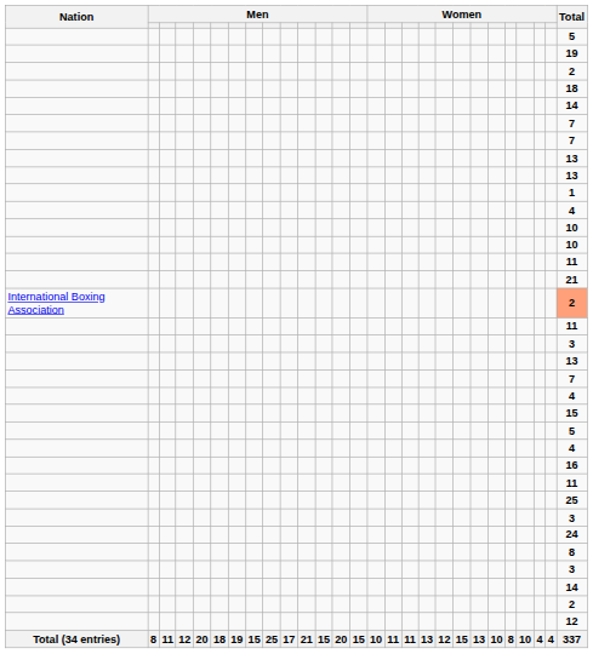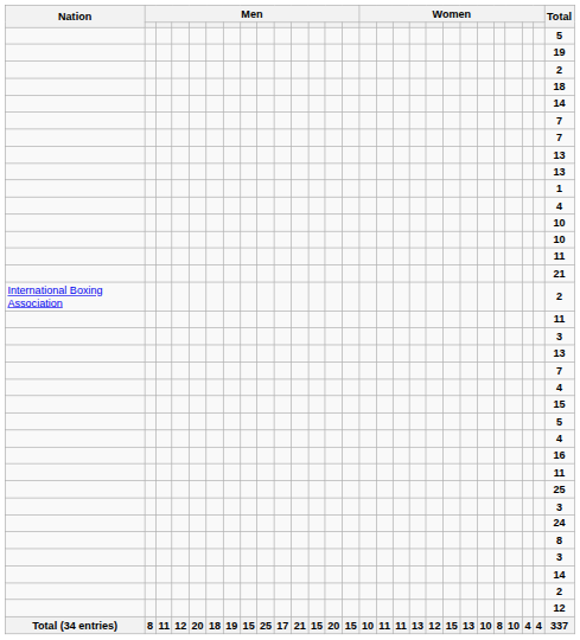 <table class="wikitable" style="text-align:center; font-size:90%">
 <tr>
 <th rowspan=2 width=180>Nation</th>
 <th colspan=13>Men</th>
 <th colspan=12>Women</th>
 <th rowspan=2>Total</th>
 </tr>
 <tr>
 <th></th>
 <th></th>
 <th></th>
 <th></th>
 <th></th>
 <th></th>
 <th></th>
 <th></th>
 <th></th>
 <th></th>
 <th></th>
 <th></th>
 <th></th>
 <th></th>
 <th></th>
 <th></th>
 <th></th>
 <th></th>
 <th></th>
 <th></th>
 <th></th>
 <th></th>
 <th></th>
 <th></th>
 <th></th>
 </tr>
 <tr>
 <td align=left></td>
 <td></td>
 <td></td>
 <td></td>
 <td></td>
 <td></td>
 <td></td>
 <td></td>
 <td></td>
 <td></td>
 <td></td>
 <td></td>
 <td></td>
 <td></td>
 <td></td>
 <td></td>
 <td></td>
 <td></td>
 <td></td>
 <td></td>
 <td></td>
 <td></td>
 <td></td>
 <td></td>
 <td></td>
 <td></td>
 <td><strong>5</strong></td>
 </tr>
 <tr>
 <td align=left></td>
 <td></td>
 <td></td>
 <td></td>
 <td></td>
 <td></td>
 <td></td>
 <td></td>
 <td></td>
 <td></td>
 <td></td>
 <td></td>
 <td></td>
 <td></td>
 <td></td>
 <td></td>
 <td></td>
 <td></td>
 <td></td>
 <td></td>
 <td></td>
 <td></td>
 <td></td>
 <td></td>
 <td></td>
 <td></td>
 <td><strong>19</strong></td>
 </tr>
 <tr>
 <td align=left></td>
 <td></td>
 <td></td>
 <td></td>
 <td></td>
 <td></td>
 <td></td>
 <td></td>
 <td></td>
 <td></td>
 <td></td>
 <td></td>
 <td></td>
 <td></td>
 <td></td>
 <td></td>
 <td></td>
 <td></td>
 <td></td>
 <td></td>
 <td></td>
 <td></td>
 <td></td>
 <td></td>
 <td></td>
 <td></td>
 <td><strong>2</strong></td>
 </tr>
 <tr>
 <td align=left></td>
 <td></td>
 <td></td>
 <td></td>
 <td></td>
 <td></td>
 <td></td>
 <td></td>
 <td></td>
 <td></td>
 <td></td>
 <td></td>
 <td></td>
 <td></td>
 <td></td>
 <td></td>
 <td></td>
 <td></td>
 <td></td>
 <td></td>
 <td></td>
 <td></td>
 <td></td>
 <td></td>
 <td></td>
 <td></td>
 <td><strong>18</strong></td>
 </tr>
 <tr>
 <td align=left></td>
 <td></td>
 <td></td>
 <td></td>
 <td></td>
 <td></td>
 <td></td>
 <td></td>
 <td></td>
 <td></td>
 <td></td>
 <td></td>
 <td></td>
 <td></td>
 <td></td>
 <td></td>
 <td></td>
 <td></td>
 <td></td>
 <td></td>
 <td></td>
 <td></td>
 <td></td>
 <td></td>
 <td></td>
 <td></td>
 <td><strong>14</strong></td>
 </tr>
 <tr>
 <td align=left></td>
 <td></td>
 <td></td>
 <td></td>
 <td></td>
 <td></td>
 <td></td>
 <td></td>
 <td></td>
 <td></td>
 <td></td>
 <td></td>
 <td></td>
 <td></td>
 <td></td>
 <td></td>
 <td></td>
 <td></td>
 <td></td>
 <td></td>
 <td></td>
 <td></td>
 <td></td>
 <td></td>
 <td></td>
 <td></td>
 <td><strong>7</strong></td>
 </tr>
 <tr>
 <td align=left></td>
 <td></td>
 <td></td>
 <td></td>
 <td></td>
 <td></td>
 <td></td>
 <td></td>
 <td></td>
 <td></td>
 <td></td>
 <td></td>
 <td></td>
 <td></td>
 <td></td>
 <td></td>
 <td></td>
 <td></td>
 <td></td>
 <td></td>
 <td></td>
 <td></td>
 <td></td>
 <td></td>
 <td></td>
 <td></td>
 <td><strong>7</strong></td>
 </tr>
 <tr>
 <td align=left></td>
 <td></td>
 <td></td>
 <td></td>
 <td></td>
 <td></td>
 <td></td>
 <td></td>
 <td></td>
 <td></td>
 <td></td>
 <td></td>
 <td></td>
 <td></td>
 <td></td>
 <td></td>
 <td></td>
 <td></td>
 <td></td>
 <td></td>
 <td></td>
 <td></td>
 <td></td>
 <td></td>
 <td></td>
 <td></td>
 <td><strong>13</strong></td>
 </tr>
 <tr>
 <td align=left></td>
 <td></td>
 <td></td>
 <td></td>
 <td></td>
 <td></td>
 <td></td>
 <td></td>
 <td></td>
 <td></td>
 <td></td>
 <td></td>
 <td></td>
 <td></td>
 <td></td>
 <td></td>
 <td></td>
 <td></td>
 <td></td>
 <td></td>
 <td></td>
 <td></td>
 <td></td>
 <td></td>
 <td></td>
 <td></td>
 <td><strong>13</strong></td>
 </tr>
 <tr>
 <td align=left></td>
 <td></td>
 <td></td>
 <td></td>
 <td></td>
 <td></td>
 <td></td>
 <td></td>
 <td></td>
 <td></td>
 <td></td>
 <td></td>
 <td></td>
 <td></td>
 <td></td>
 <td></td>
 <td></td>
 <td></td>
 <td></td>
 <td></td>
 <td></td>
 <td></td>
 <td></td>
 <td></td>
 <td></td>
 <td></td>
 <td><strong>1</strong></td>
 </tr>
 <tr>
 <td align=left></td>
 <td></td>
 <td></td>
 <td></td>
 <td></td>
 <td></td>
 <td></td>
 <td></td>
 <td></td>
 <td></td>
 <td></td>
 <td></td>
 <td></td>
 <td></td>
 <td></td>
 <td></td>
 <td></td>
 <td></td>
 <td></td>
 <td></td>
 <td></td>
 <td></td>
 <td></td>
 <td></td>
 <td></td>
 <td></td>
 <td><strong>4</strong></td>
 </tr>
 <tr>
 <td align=left></td>
 <td></td>
 <td></td>
 <td></td>
 <td></td>
 <td></td>
 <td></td>
 <td></td>
 <td></td>
 <td></td>
 <td></td>
 <td></td>
 <td></td>
 <td></td>
 <td></td>
 <td></td>
 <td></td>
 <td></td>
 <td></td>
 <td></td>
 <td></td>
 <td></td>
 <td></td>
 <td></td>
 <td></td>
 <td></td>
 <td><strong>10</strong></td>
 </tr>
 <tr>
 <td align=left></td>
 <td></td>
 <td></td>
 <td></td>
 <td></td>
 <td></td>
 <td></td>
 <td></td>
 <td></td>
 <td></td>
 <td></td>
 <td></td>
 <td></td>
 <td></td>
 <td></td>
 <td></td>
 <td></td>
 <td></td>
 <td></td>
 <td></td>
 <td></td>
 <td></td>
 <td></td>
 <td></td>
 <td></td>
 <td></td>
 <td><strong>10</strong></td>
 </tr>
 <tr>
 <td align=left></td>
 <td></td>
 <td></td>
 <td></td>
 <td></td>
 <td></td>
 <td></td>
 <td></td>
 <td></td>
 <td></td>
 <td></td>
 <td></td>
 <td></td>
 <td></td>
 <td></td>
 <td></td>
 <td></td>
 <td></td>
 <td></td>
 <td></td>
 <td></td>
 <td></td>
 <td></td>
 <td></td>
 <td></td>
 <td></td>
 <td><strong>11</strong></td>
 </tr>
 <tr>
 <td align=left></td>
 <td></td>
 <td></td>
 <td></td>
 <td></td>
 <td></td>
 <td></td>
 <td></td>
 <td></td>
 <td></td>
 <td></td>
 <td></td>
 <td></td>
 <td></td>
 <td></td>
 <td></td>
 <td></td>
 <td></td>
 <td></td>
 <td></td>
 <td></td>
 <td></td>
 <td></td>
 <td></td>
 <td></td>
 <td></td>
 <td><strong>21</strong></td>
 </tr>
 <tr>
 <td align=left><a href='#'>International Boxing Association</a></td>
 <td></td>
 <td></td>
 <td></td>
 <td></td>
 <td></td>
 <td></td>
 <td></td>
 <td></td>
 <td></td>
 <td></td>
 <td></td>
 <td></td>
 <td></td>
 <td></td>
 <td></td>
 <td></td>
 <td></td>
 <td></td>
 <td></td>
 <td></td>
 <td></td>
 <td></td>
 <td></td>
 <td></td>
 <td></td>
-<td style="background: lightsalmon;"><strong>2</strong></td>
+<td><strong>2</strong></td>
 </tr>
 <tr>
 <td align=left></td>
 <td></td>
 <td></td>
 <td></td>
 <td></td>
 <td></td>
 <td></td>
 <td></td>
 <td></td>
 <td></td>
 <td></td>
 <td></td>
 <td></td>
 <td></td>
 <td></td>
 <td></td>
 <td></td>
 <td></td>
 <td></td>
 <td></td>
 <td></td>
 <td></td>
 <td></td>
 <td></td>
 <td></td>
 <td></td>
 <td><strong>11</strong></td>
 </tr>
 <tr>
 <td align=left></td>
 <td></td>
 <td></td>
 <td></td>
 <td></td>
 <td></td>
 <td></td>
 <td></td>
 <td></td>
 <td></td>
 <td></td>
 <td></td>
 <td></td>
 <td></td>
 <td></td>
 <td></td>
 <td></td>
 <td></td>
 <td></td>
 <td></td>
 <td></td>
 <td></td>
 <td></td>
 <td></td>
 <td></td>
 <td></td>
 <td><strong>3</strong></td>
 </tr>
 <tr>
 <td align=left></td>
 <td></td>
 <td></td>
 <td></td>
 <td></td>
 <td></td>
 <td></td>
 <td></td>
 <td></td>
 <td></td>
 <td></td>
 <td></td>
 <td></td>
 <td></td>
 <td></td>
 <td></td>
 <td></td>
 <td></td>
 <td></td>
 <td></td>
 <td></td>
 <td></td>
 <td></td>
 <td></td>
 <td></td>
 <td></td>
 <td><strong>13</strong></td>
 </tr>
 <tr>
 <td align=left></td>
 <td></td>
 <td></td>
 <td></td>
 <td></td>
 <td></td>
 <td></td>
 <td></td>
 <td></td>
 <td></td>
 <td></td>
 <td></td>
 <td></td>
 <td></td>
 <td></td>
 <td></td>
 <td></td>
 <td></td>
 <td></td>
 <td></td>
 <td></td>
 <td></td>
 <td></td>
 <td></td>
 <td></td>
 <td></td>
 <td><strong>7</strong></td>
 </tr>
 <tr>
 <td align=left></td>
 <td></td>
 <td></td>
 <td></td>
 <td></td>
 <td></td>
 <td></td>
 <td></td>
 <td></td>
 <td></td>
 <td></td>
 <td></td>
 <td></td>
 <td></td>
 <td></td>
 <td></td>
 <td></td>
 <td></td>
 <td></td>
 <td></td>
 <td></td>
 <td></td>
 <td></td>
 <td></td>
 <td></td>
 <td></td>
 <td><strong>4</strong></td>
 </tr>
 <tr>
 <td align=left></td>
 <td></td>
 <td></td>
 <td></td>
 <td></td>
 <td></td>
 <td></td>
 <td></td>
 <td></td>
 <td></td>
 <td></td>
 <td></td>
 <td></td>
 <td></td>
 <td></td>
 <td></td>
 <td></td>
 <td></td>
 <td></td>
 <td></td>
 <td></td>
 <td></td>
 <td></td>
 <td></td>
 <td></td>
 <td></td>
 <td><strong>15</strong></td>
 </tr>
 <tr>
 <td align=left></td>
 <td></td>
 <td></td>
 <td></td>
 <td></td>
 <td></td>
 <td></td>
 <td></td>
 <td></td>
 <td></td>
 <td></td>
 <td></td>
 <td></td>
 <td></td>
 <td></td>
 <td></td>
 <td></td>
 <td></td>
 <td></td>
 <td></td>
 <td></td>
 <td></td>
 <td></td>
 <td></td>
 <td></td>
 <td></td>
 <td><strong>5</strong></td>
 </tr>
 <tr>
 <td align=left></td>
 <td></td>
 <td></td>
 <td></td>
 <td></td>
 <td></td>
 <td></td>
 <td></td>
 <td></td>
 <td></td>
 <td></td>
 <td></td>
 <td></td>
 <td></td>
 <td></td>
 <td></td>
 <td></td>
 <td></td>
 <td></td>
 <td></td>
 <td></td>
 <td></td>
 <td></td>
 <td></td>
 <td></td>
 <td></td>
 <td><strong>4</strong></td>
 </tr>
 <tr>
 <td align=left></td>
 <td></td>
 <td></td>
 <td></td>
 <td></td>
 <td></td>
 <td></td>
 <td></td>
 <td></td>
 <td></td>
 <td></td>
 <td></td>
 <td></td>
 <td></td>
 <td></td>
 <td></td>
 <td></td>
 <td></td>
 <td></td>
 <td></td>
 <td></td>
 <td></td>
 <td></td>
 <td></td>
 <td></td>
 <td></td>
 <td><strong>16</strong></td>
 </tr>
 <tr>
 <td align=left></td>
 <td></td>
 <td></td>
 <td></td>
 <td></td>
 <td></td>
 <td></td>
 <td></td>
 <td></td>
 <td></td>
 <td></td>
 <td></td>
 <td></td>
 <td></td>
 <td></td>
 <td></td>
 <td></td>
 <td></td>
 <td></td>
 <td></td>
 <td></td>
 <td></td>
 <td></td>
 <td></td>
 <td></td>
 <td></td>
 <td><strong>11</strong></td>
 </tr>
 <tr>
 <td align=left></td>
 <td></td>
 <td></td>
 <td></td>
 <td></td>
 <td></td>
 <td></td>
 <td></td>
 <td></td>
 <td></td>
 <td></td>
 <td></td>
 <td></td>
 <td></td>
 <td></td>
 <td></td>
 <td></td>
 <td></td>
 <td></td>
 <td></td>
 <td></td>
 <td></td>
 <td></td>
 <td></td>
 <td></td>
 <td></td>
 <td><strong>25</strong></td>
 </tr>
 <tr>
 <td align=left></td>
 <td></td>
 <td></td>
 <td></td>
 <td></td>
 <td></td>
 <td></td>
 <td></td>
 <td></td>
 <td></td>
 <td></td>
 <td></td>
 <td></td>
 <td></td>
 <td></td>
 <td></td>
 <td></td>
 <td></td>
 <td></td>
 <td></td>
 <td></td>
 <td></td>
 <td></td>
 <td></td>
 <td></td>
 <td></td>
 <td><strong>3</strong></td>
 </tr>
 <tr>
 <td align=left></td>
 <td></td>
 <td></td>
 <td></td>
 <td></td>
 <td></td>
 <td></td>
 <td></td>
 <td></td>
 <td></td>
 <td></td>
 <td></td>
 <td></td>
 <td></td>
 <td></td>
 <td></td>
 <td></td>
 <td></td>
 <td></td>
 <td></td>
 <td></td>
 <td></td>
 <td></td>
 <td></td>
 <td></td>
 <td></td>
 <td><strong>24</strong></td>
 </tr>
 <tr>
 <td align=left></td>
 <td></td>
 <td></td>
 <td></td>
 <td></td>
 <td></td>
 <td></td>
 <td></td>
 <td></td>
 <td></td>
 <td></td>
 <td></td>
 <td></td>
 <td></td>
 <td></td>
 <td></td>
 <td></td>
 <td></td>
 <td></td>
 <td></td>
 <td></td>
 <td></td>
 <td></td>
 <td></td>
 <td></td>
 <td></td>
 <td><strong>8</strong></td>
 </tr>
 <tr>
 <td align=left></td>
 <td></td>
 <td></td>
 <td></td>
 <td></td>
 <td></td>
 <td></td>
 <td></td>
 <td></td>
 <td></td>
 <td></td>
 <td></td>
 <td></td>
 <td></td>
 <td></td>
 <td></td>
 <td></td>
 <td></td>
 <td></td>
 <td></td>
 <td></td>
 <td></td>
 <td></td>
 <td></td>
 <td></td>
 <td></td>
 <td><strong>3</strong></td>
 </tr>
 <tr>
 <td align=left></td>
 <td></td>
 <td></td>
 <td></td>
 <td></td>
 <td></td>
 <td></td>
 <td></td>
 <td></td>
 <td></td>
 <td></td>
 <td></td>
 <td></td>
 <td></td>
 <td></td>
 <td></td>
 <td></td>
 <td></td>
 <td></td>
 <td></td>
 <td></td>
 <td></td>
 <td></td>
 <td></td>
 <td></td>
 <td></td>
 <td><strong>14</strong></td>
 </tr>
 <tr>
 <td align=left></td>
 <td></td>
 <td></td>
 <td></td>
 <td></td>
 <td></td>
 <td></td>
 <td></td>
 <td></td>
 <td></td>
 <td></td>
 <td></td>
 <td></td>
 <td></td>
 <td></td>
 <td></td>
 <td></td>
 <td></td>
 <td></td>
 <td></td>
 <td></td>
 <td></td>
 <td></td>
 <td></td>
 <td></td>
 <td></td>
 <td><strong>2</strong></td>
 </tr>
 <tr>
 <td align=left></td>
 <td></td>
 <td></td>
 <td></td>
 <td></td>
 <td></td>
 <td></td>
 <td></td>
 <td></td>
 <td></td>
 <td></td>
 <td></td>
 <td></td>
 <td></td>
 <td></td>
 <td></td>
 <td></td>
 <td></td>
 <td></td>
 <td></td>
 <td></td>
 <td></td>
 <td></td>
 <td></td>
 <td></td>
 <td></td>
 <td><strong>12</strong></td>
 </tr>
 <tr>
 <th>Total (34 entries)</th>
 <th>8</th>
 <th>11</th>
 <th>12</th>
 <th>20</th>
 <th>18</th>
 <th>19</th>
 <th>15</th>
 <th>25</th>
 <th>17</th>
 <th>21</th>
 <th>15</th>
 <th>20</th>
 <th>15</th>
 <th>10</th>
 <th>11</th>
 <th>11</th>
 <th>13</th>
 <th>12</th>
 <th>15</th>
 <th>13</th>
 <th>10</th>
 <th>8</th>
 <th>10</th>
 <th>4</th>
 <th>4</th>
 <th>337</th>
 </tr>
 </table>
